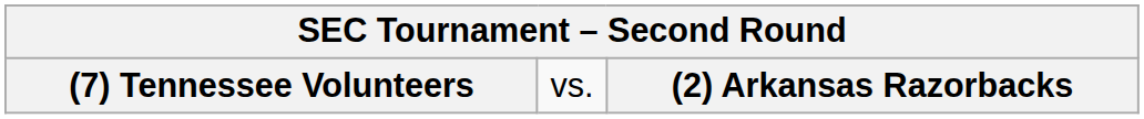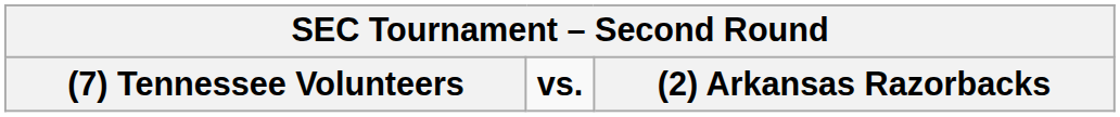 <table class="wikitable">
 <tr>
 <th style="width: 513px;" colspan=3>SEC Tournament – Second Round</th>
 </tr>
 <tr>
 <th style="width: 244px; ">(7) Tennessee Volunteers</th>
-<td style="width: 25px; text-align:center">vs.</td>
+<td style="width: 25px; text-align:center"><strong>vs.</strong></td>
 <th style="width: 244px; ">(2) Arkansas Razorbacks</th>
 </tr>
 </table>
